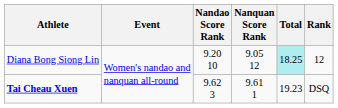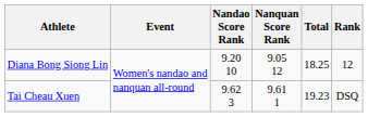 <table class="wikitable" style="text-align:center; font-size:90%">
 <tr>
 <th>Athlete</th>
 <th>Event</th>
 <th>Nandao<br>Score<br>Rank</th>
 <th>Nanquan<br>Score<br>Rank</th>
 <th>Total</th>
 <th>Rank</th>
 </tr>
 <tr>
 <td align=left><a href='#'>Diana Bong Siong Lin</a></td>
 <td align=left rowspan=2><a href='#'>Women's nandao and<br>nanquan all-round</a></td>
 <td>9.20<br>10</td>
 <td>9.05<br>12</td>
-<td style="background: paleturquoise;">18.25</td>
+<td>18.25</td>
 <td>12</td>
 </tr>
 <tr>
-<td align=left><strong><a href='#'>Tai Cheau Xuen</a></strong></td>
+<td align=left><a href='#'>Tai Cheau Xuen</a></td>
 <td>9.62<br>3</td>
 <td>9.61<br>1</td>
 <td>19.23</td>
 <td>DSQ</td>
 </tr>
 </table>
